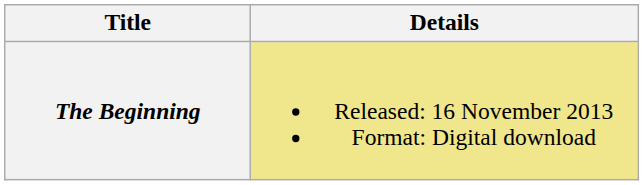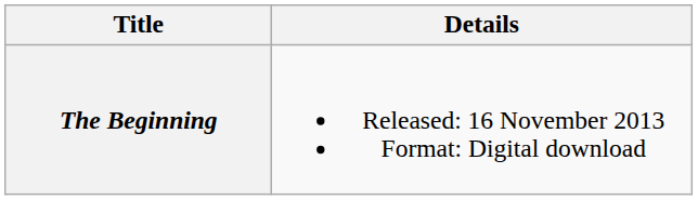 <table class="wikitable plainrowheaders" style="text-align:center;">
 <tr>
 <th scope="col" style="width:10em;">Title</th>
 <th scope="col" style="width:16em;">Details</th>
 </tr>
 <tr>
 <th scope="row"><em>The Beginning</em></th>
-<td style="background: khaki;"><br><ul><li>Released: 16 November 2013</li><li>Format: Digital download</li></ul></td>
+<td><br><ul><li>Released: 16 November 2013</li><li>Format: Digital download</li></ul></td>
 </tr>
 </table>
